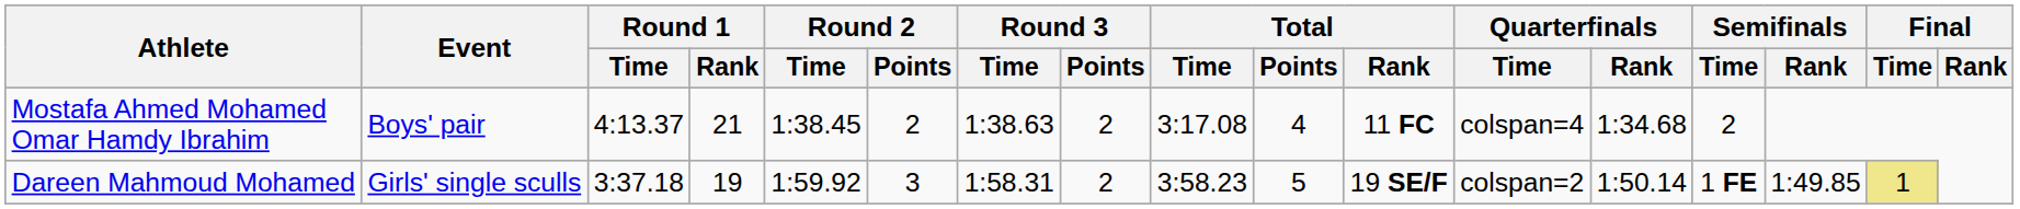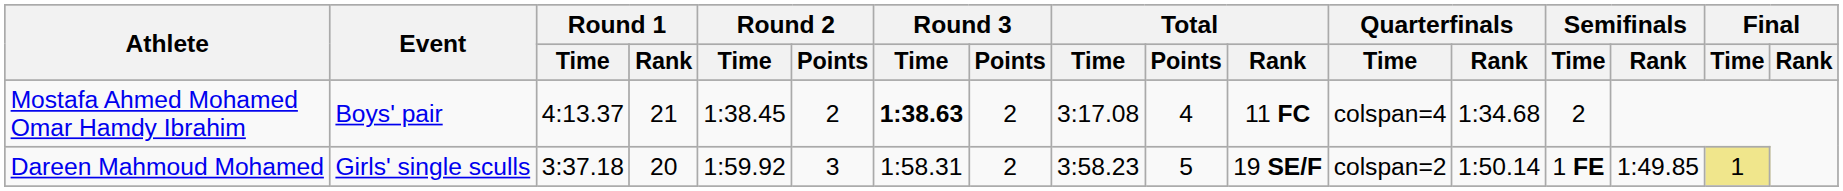 <table class="wikitable" style="font-size:90%">
 <tr>
 <th rowspan="2">Athlete</th>
 <th rowspan="2">Event</th>
 <th colspan="2">Round 1</th>
 <th colspan="2">Round 2</th>
 <th colspan="2">Round 3</th>
 <th colspan="3">Total</th>
 <th colspan="2">Quarterfinals</th>
 <th colspan="2">Semifinals</th>
 <th colspan="2">Final</th>
 </tr>
 <tr style="font-size:95%">
 <th>Time</th>
 <th>Rank</th>
 <th>Time</th>
 <th>Points</th>
 <th>Time</th>
 <th>Points</th>
 <th>Time</th>
 <th>Points</th>
 <th>Rank</th>
 <th>Time</th>
 <th>Rank</th>
 <th>Time</th>
 <th>Rank</th>
 <th>Time</th>
 <th>Rank</th>
 </tr>
 <tr align=center>
 <td align=left><a href='#'>Mostafa Ahmed Mohamed</a><br><a href='#'>Omar Hamdy Ibrahim</a></td>
 <td align=left><a href='#'>Boys' pair</a></td>
 <td>4:13.37</td>
 <td>21</td>
 <td>1:38.45</td>
 <td>2</td>
-<td>1:38.63</td>
+<td><strong>1:38.63</strong></td>
 <td>2</td>
 <td>3:17.08</td>
 <td>4</td>
 <td>11 <strong>FC</strong></td>
 <td>colspan=4 </td>
 <td>1:34.68</td>
 <td>2</td>
 </tr>
 <tr align=center>
 <td align=left><a href='#'>Dareen Mahmoud Mohamed</a></td>
 <td align=left><a href='#'>Girls' single sculls</a></td>
 <td>3:37.18</td>
-<td>19</td>
+<td>20</td>
 <td>1:59.92</td>
 <td>3</td>
 <td>1:58.31</td>
 <td>2</td>
 <td>3:58.23</td>
 <td>5</td>
 <td>19 <strong>SE/F</strong></td>
 <td>colspan=2 </td>
 <td>1:50.14</td>
 <td>1 <strong>FE</strong></td>
 <td>1:49.85</td>
 <td style="background: khaki;">1</td>
 </tr>
 </table>
